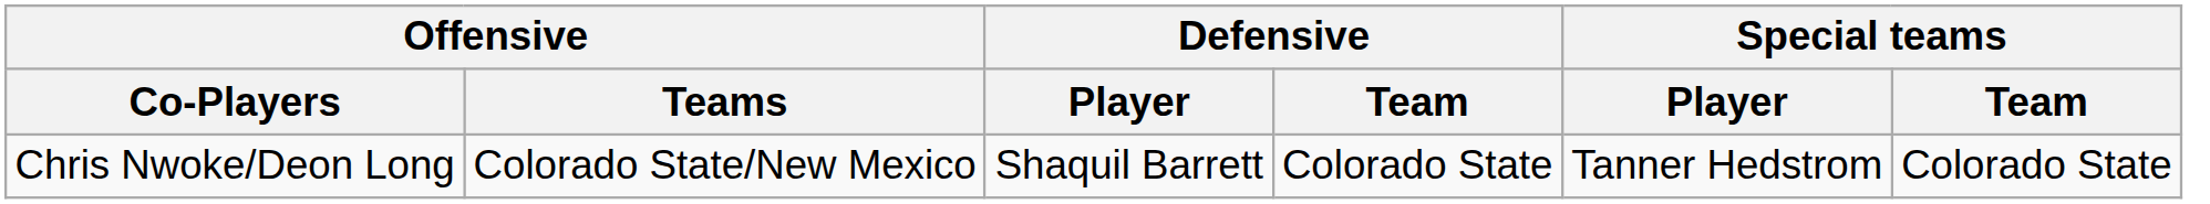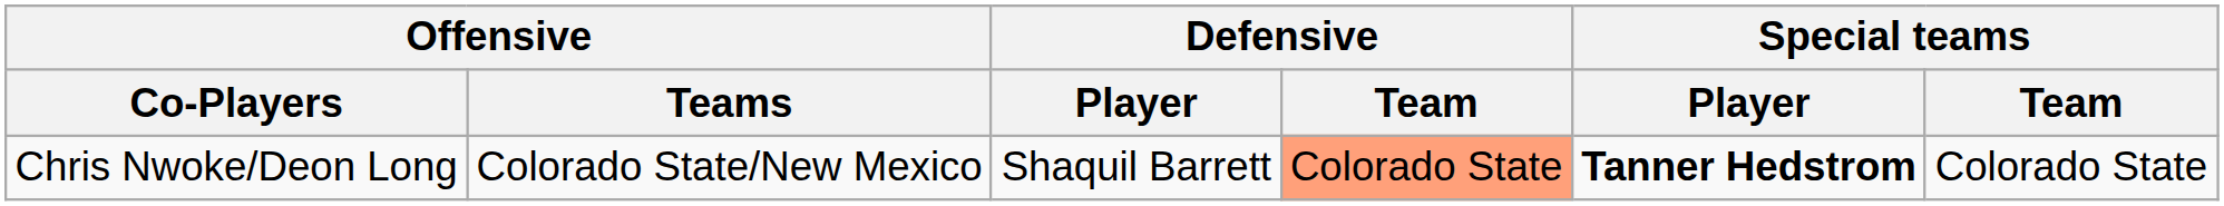 <table class="wikitable">
 <tr>
 <th colspan="2">Offensive</th>
 <th colspan="2">Defensive</th>
 <th colspan="2">Special teams</th>
 </tr>
 <tr>
 <th>Co-Players</th>
 <th>Teams</th>
 <th>Player</th>
 <th>Team</th>
 <th>Player</th>
 <th>Team</th>
 </tr>
 <tr>
 <td>Chris Nwoke/Deon Long</td>
 <td>Colorado State/New Mexico</td>
 <td>Shaquil Barrett</td>
-<td>Colorado State</td>
-<td>Tanner Hedstrom</td>
+<td style="background: lightsalmon;">Colorado State</td>
+<td><strong>Tanner Hedstrom</strong></td>
 <td>Colorado State</td>
 </tr>
 </table>
